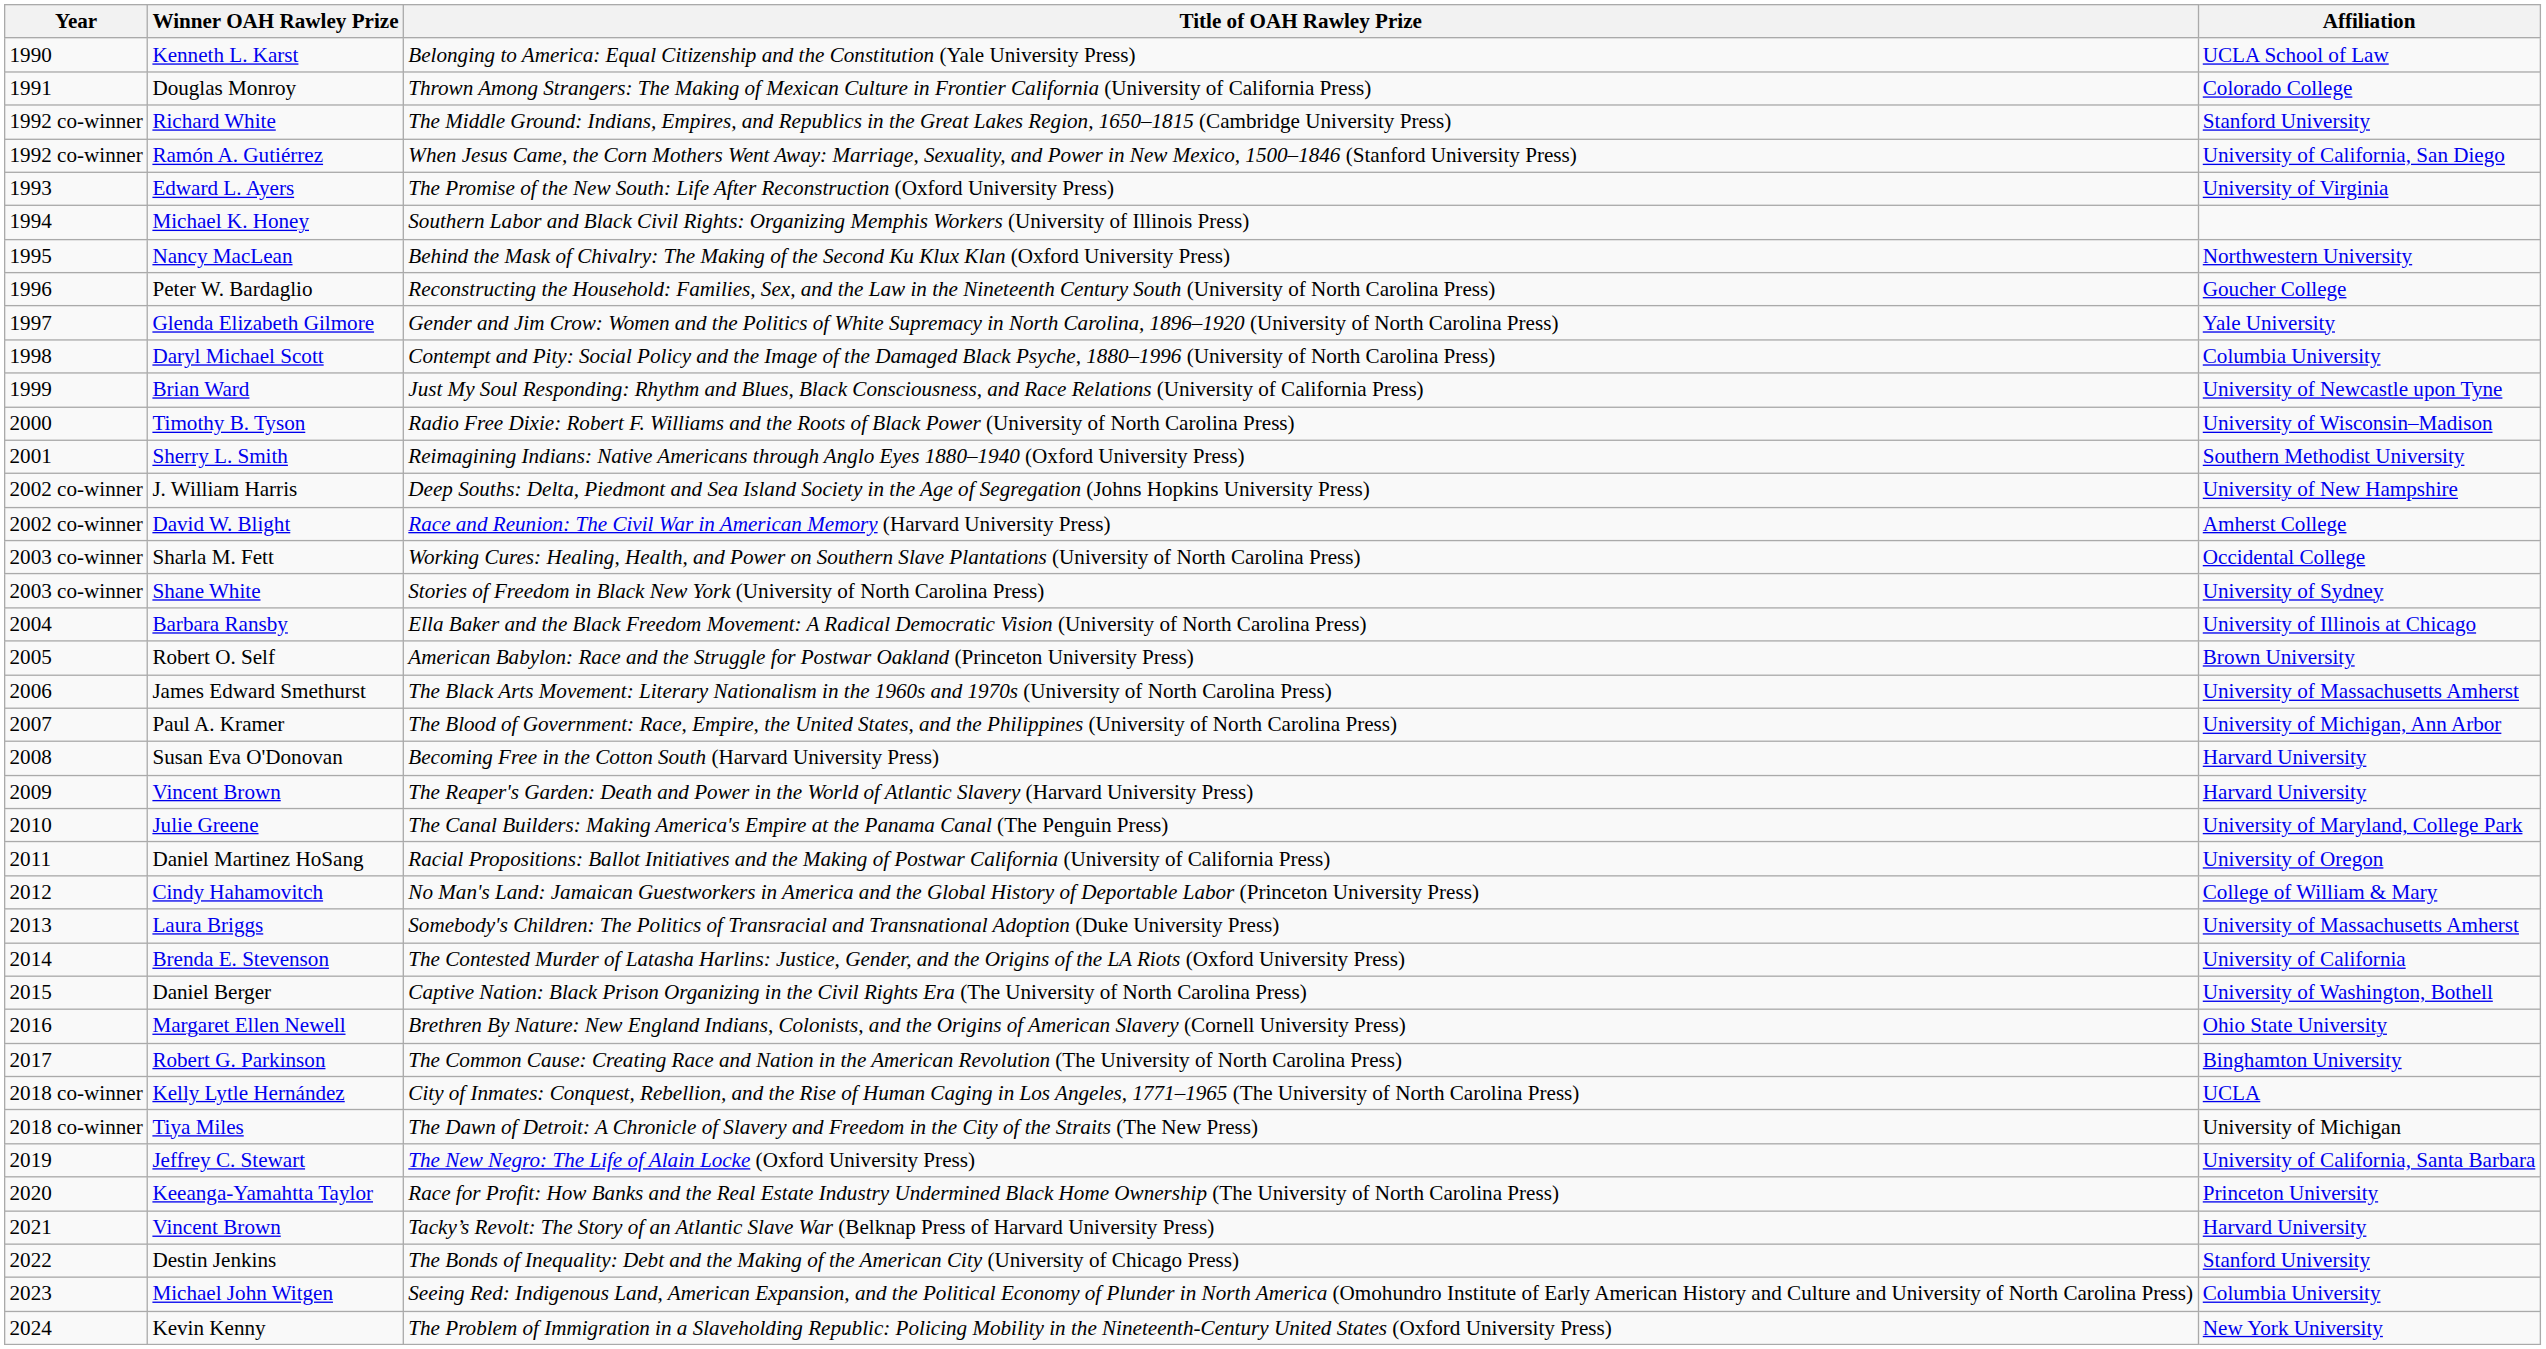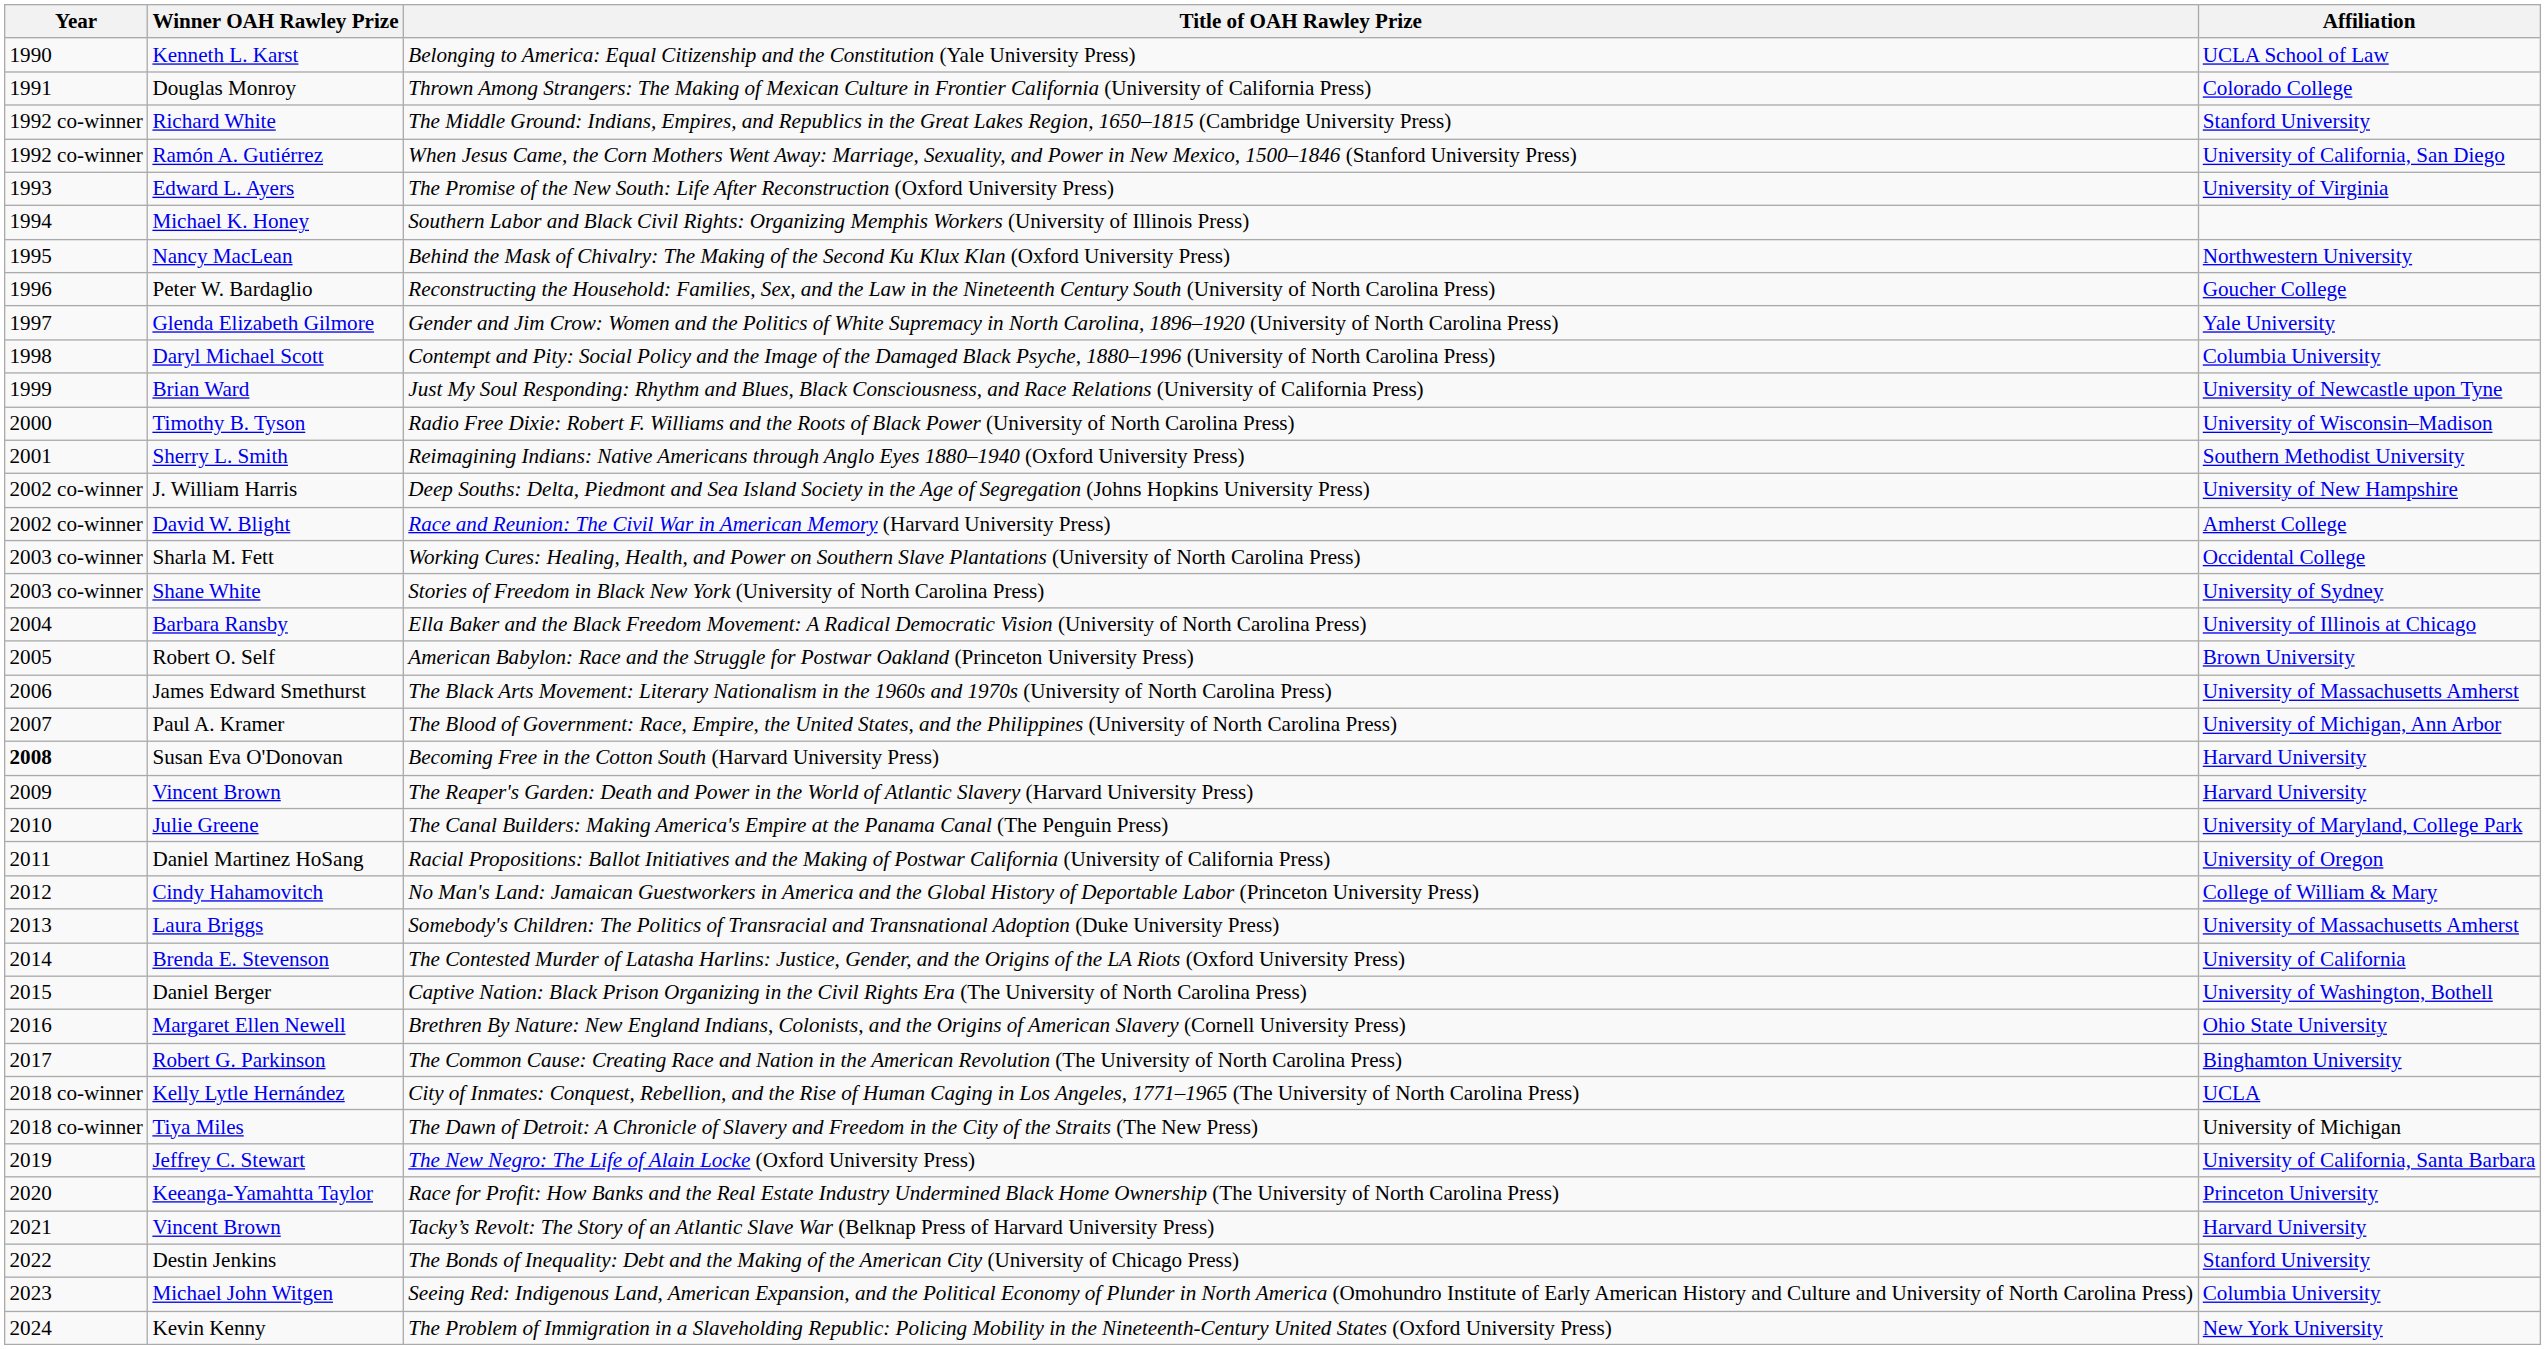 <table class="wikitable">
 <tr>
 <th>Year</th>
 <th>Winner OAH Rawley Prize</th>
 <th>Title of OAH Rawley Prize</th>
 <th>Affiliation</th>
 </tr>
 <tr>
 <td>1990</td>
 <td><a href='#'>Kenneth L. Karst</a></td>
 <td><em>Belonging to America: Equal Citizenship and the Constitution</em> (Yale University Press)</td>
 <td><a href='#'>UCLA School of Law</a></td>
 </tr>
 <tr>
 <td>1991</td>
 <td>Douglas Monroy</td>
 <td><em>Thrown Among Strangers: The Making of Mexican Culture in Frontier California</em> (University of California Press)</td>
 <td><a href='#'>Colorado College</a></td>
 </tr>
 <tr>
 <td>1992 co-winner</td>
 <td><a href='#'>Richard White</a></td>
 <td><em>The Middle Ground: Indians, Empires, and Republics in the Great Lakes Region, 1650–1815</em> (Cambridge University Press)</td>
 <td><a href='#'>Stanford University</a></td>
 </tr>
 <tr>
 <td>1992 co-winner</td>
 <td><a href='#'>Ramón A. Gutiérrez</a></td>
 <td><em>When Jesus Came, the Corn Mothers Went Away: Marriage, Sexuality, and Power in New Mexico, 1500–1846</em> (Stanford University Press)</td>
 <td><a href='#'>University of California, San Diego</a></td>
 </tr>
 <tr>
 <td>1993</td>
 <td><a href='#'>Edward L. Ayers</a></td>
 <td><em>The Promise of the New South: Life After Reconstruction</em> (Oxford University Press)</td>
 <td><a href='#'>University of Virginia</a></td>
 </tr>
 <tr>
 <td>1994</td>
 <td><a href='#'>Michael K. Honey</a></td>
 <td><em>Southern Labor and Black Civil Rights: Organizing Memphis Workers</em> (University of Illinois Press)</td>
 </tr>
 <tr>
 <td>1995</td>
 <td><a href='#'>Nancy MacLean</a></td>
 <td><em>Behind the Mask of Chivalry: The Making of the Second Ku Klux Klan</em> (Oxford University Press)</td>
 <td><a href='#'>Northwestern University</a></td>
 </tr>
 <tr>
 <td>1996</td>
 <td>Peter W. Bardaglio</td>
 <td><em>Reconstructing the Household: Families, Sex, and the Law in the Nineteenth Century South</em> (University of North Carolina Press)</td>
 <td><a href='#'>Goucher College</a></td>
 </tr>
 <tr>
 <td>1997</td>
 <td><a href='#'>Glenda Elizabeth Gilmore</a></td>
 <td><em>Gender and Jim Crow: Women and the Politics of White Supremacy in North Carolina, 1896–1920</em> (University of North Carolina Press)</td>
 <td><a href='#'>Yale University</a></td>
 </tr>
 <tr>
 <td>1998</td>
 <td><a href='#'>Daryl Michael Scott</a></td>
 <td><em>Contempt and Pity: Social Policy and the Image of the Damaged Black Psyche, 1880–1996</em>  (University of North Carolina Press)</td>
 <td><a href='#'>Columbia University</a></td>
 </tr>
 <tr>
 <td>1999</td>
 <td><a href='#'>Brian Ward</a></td>
 <td><em>Just My Soul Responding: Rhythm and Blues, Black Consciousness, and Race Relations</em> (University of California Press)</td>
 <td><a href='#'>University of Newcastle upon Tyne</a></td>
 </tr>
 <tr>
 <td>2000</td>
 <td><a href='#'>Timothy B. Tyson</a></td>
 <td><em>Radio Free Dixie: Robert F. Williams and the Roots of Black Power</em> (University of North Carolina Press)</td>
 <td><a href='#'>University of Wisconsin–Madison</a></td>
 </tr>
 <tr>
 <td>2001</td>
 <td><a href='#'>Sherry L. Smith</a></td>
 <td><em>Reimagining Indians:  Native Americans through Anglo Eyes 1880–1940</em> (Oxford University Press)</td>
 <td><a href='#'>Southern Methodist University</a></td>
 </tr>
 <tr>
 <td>2002 co-winner</td>
 <td>J. William Harris</td>
 <td><em>Deep Souths:  Delta, Piedmont and Sea Island Society in the Age of Segregation</em> (Johns Hopkins University Press)</td>
 <td><a href='#'>University of New Hampshire</a></td>
 </tr>
 <tr>
 <td>2002 co-winner</td>
 <td><a href='#'>David W. Blight</a></td>
 <td><em><a href='#'>Race and Reunion: The Civil War in American Memory</a></em> (Harvard University Press)</td>
 <td><a href='#'>Amherst College</a></td>
 </tr>
 <tr>
 <td>2003 co-winner</td>
 <td>Sharla M. Fett</td>
 <td><em>Working Cures: Healing, Health, and Power on Southern Slave Plantations</em> (University of North Carolina Press)</td>
 <td><a href='#'>Occidental College</a></td>
 </tr>
 <tr>
 <td>2003 co-winner</td>
 <td><a href='#'>Shane White</a></td>
 <td><em>Stories of Freedom in Black New York</em> (University of North Carolina Press)</td>
 <td><a href='#'>University of Sydney</a></td>
 </tr>
 <tr>
 <td>2004</td>
 <td><a href='#'>Barbara Ransby</a></td>
 <td><em>Ella Baker and the Black Freedom Movement:  A Radical Democratic Vision</em> (University of North Carolina Press)</td>
 <td><a href='#'>University of Illinois at Chicago</a></td>
 </tr>
 <tr>
 <td>2005</td>
 <td>Robert O. Self </td>
 <td><em>American Babylon: Race and the Struggle for Postwar Oakland</em> (Princeton University Press)</td>
 <td><a href='#'>Brown University</a></td>
 </tr>
 <tr>
 <td>2006</td>
 <td>James Edward Smethurst</td>
 <td><em>The Black Arts Movement: Literary Nationalism in the 1960s and 1970s</em> (University of North Carolina Press)</td>
 <td><a href='#'>University of Massachusetts Amherst</a></td>
 </tr>
 <tr>
 <td>2007</td>
 <td>Paul A. Kramer</td>
 <td><em>The Blood of Government: Race, Empire, the United States, and the Philippines</em> (University of North Carolina Press)</td>
 <td><a href='#'>University of Michigan, Ann Arbor</a></td>
 </tr>
 <tr>
-<td>2008</td>
+<td><strong>2008</strong></td>
 <td>Susan Eva O'Donovan</td>
 <td><em>Becoming Free in the Cotton South</em> (Harvard University Press)</td>
 <td><a href='#'>Harvard University</a></td>
 </tr>
 <tr>
 <td>2009</td>
 <td><a href='#'>Vincent Brown</a></td>
 <td><em>The Reaper's Garden: Death and Power in the World of Atlantic Slavery</em> (Harvard University Press)</td>
 <td><a href='#'>Harvard University</a></td>
 </tr>
 <tr>
 <td>2010</td>
 <td><a href='#'>Julie Greene</a></td>
 <td><em>The Canal Builders: Making America's Empire at the Panama Canal</em> (The Penguin Press)</td>
 <td><a href='#'>University of Maryland, College Park</a></td>
 </tr>
 <tr>
 <td>2011</td>
 <td>Daniel Martinez HoSang</td>
 <td><em>Racial Propositions: Ballot Initiatives and the Making of Postwar California</em> (University of California Press)</td>
 <td><a href='#'>University of Oregon</a></td>
 </tr>
 <tr>
 <td>2012</td>
 <td><a href='#'>Cindy Hahamovitch</a></td>
 <td><em>No Man's Land: Jamaican Guestworkers in America and the Global History of Deportable Labor</em> (Princeton University Press)</td>
 <td><a href='#'>College of William & Mary</a></td>
 </tr>
 <tr>
 <td>2013</td>
 <td><a href='#'>Laura Briggs</a></td>
 <td><em>Somebody's Children: The Politics of Transracial and Transnational Adoption</em> (Duke University Press)</td>
 <td><a href='#'>University of Massachusetts Amherst</a></td>
 </tr>
 <tr>
 <td>2014</td>
 <td><a href='#'>Brenda E. Stevenson</a></td>
 <td><em>The Contested Murder of Latasha Harlins: Justice, Gender, and the Origins of the LA Riots</em> (Oxford University Press)</td>
 <td><a href='#'>University of California</a></td>
 </tr>
 <tr>
 <td>2015</td>
 <td>Daniel Berger</td>
 <td><em>Captive Nation: Black Prison Organizing in the Civil Rights Era</em> (The University of North Carolina Press)</td>
 <td><a href='#'>University of Washington, Bothell</a></td>
 </tr>
 <tr>
 <td>2016</td>
 <td><a href='#'>Margaret Ellen Newell</a></td>
 <td><em>Brethren By Nature: New England Indians, Colonists, and the Origins of American Slavery</em> (Cornell University Press)</td>
 <td><a href='#'>Ohio State University</a></td>
 </tr>
 <tr>
 <td>2017</td>
 <td><a href='#'>Robert G. Parkinson</a></td>
 <td><em>The Common Cause: Creating Race and Nation in the American Revolution</em> (The University of North Carolina Press)</td>
 <td><a href='#'>Binghamton University</a></td>
 </tr>
 <tr>
 <td>2018 co-winner</td>
 <td><a href='#'>Kelly Lytle Hernández</a></td>
 <td><em>City of Inmates: Conquest, Rebellion, and the Rise of Human Caging in Los Angeles, 1771–1965 </em> (The University of North Carolina Press)</td>
 <td><a href='#'>UCLA</a></td>
 </tr>
 <tr>
 <td>2018 co-winner</td>
 <td><a href='#'>Tiya Miles</a></td>
 <td><em>The Dawn of Detroit: A Chronicle of Slavery and Freedom in the City of the Straits</em> (The New Press)</td>
 <td>University of Michigan</td>
 </tr>
 <tr>
 <td>2019</td>
 <td><a href='#'>Jeffrey C. Stewart</a></td>
 <td><em><a href='#'>The New Negro: The Life of Alain Locke</a></em> (Oxford University Press)</td>
 <td><a href='#'>University of California, Santa Barbara</a></td>
 </tr>
 <tr>
 <td>2020</td>
 <td><a href='#'>Keeanga-Yamahtta Taylor</a></td>
 <td><em> Race for Profit: How Banks and the Real Estate Industry Undermined Black Home Ownership</em> (The University of North Carolina Press)</td>
 <td><a href='#'>Princeton University</a></td>
 </tr>
 <tr>
 <td>2021</td>
 <td><a href='#'>Vincent Brown</a></td>
 <td><em>Tacky’s Revolt: The Story of an Atlantic Slave War</em> (Belknap Press of Harvard University Press)</td>
 <td><a href='#'>Harvard University</a></td>
 </tr>
 <tr>
 <td>2022</td>
 <td>Destin Jenkins</td>
 <td><em>The Bonds of Inequality: Debt and the Making of the American City</em> (University of Chicago Press)</td>
 <td><a href='#'>Stanford University</a></td>
 </tr>
 <tr>
 <td>2023</td>
 <td><a href='#'>Michael John Witgen</a></td>
 <td><em>Seeing Red: Indigenous Land, American Expansion, and the Political Economy of Plunder in North America</em> (Omohundro Institute of Early American History and Culture and University of North Carolina Press)</td>
 <td><a href='#'>Columbia University</a></td>
 </tr>
 <tr>
 <td>2024</td>
 <td>Kevin Kenny</td>
 <td><em>The Problem of Immigration in a Slaveholding Republic: Policing Mobility in the Nineteenth-Century United States</em> (Oxford University Press)</td>
 <td><a href='#'>New York University</a></td>
 </tr>
 </table>
